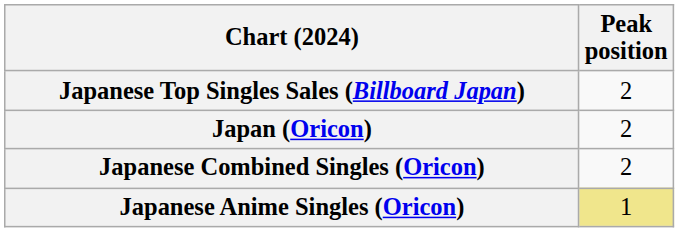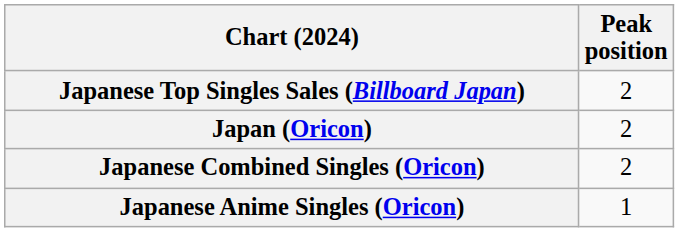 <table class="wikitable sortable plainrowheaders" style="text-align:center">
 <tr>
 <th scope="col" style="width:23em;">Chart (2024)</th>
 <th scope="col">Peak<br>position</th>
 </tr>
 <tr>
 <th scope="row">Japanese Top Singles Sales (<em><a href='#'>Billboard Japan</a></em>)</th>
 <td>2</td>
 </tr>
 <tr>
 <th scope="row">Japan (<a href='#'>Oricon</a>)</th>
 <td>2</td>
 </tr>
 <tr>
 <th scope="row">Japanese Combined Singles (<a href='#'>Oricon</a>)</th>
 <td>2</td>
 </tr>
 <tr>
 <th scope="row">Japanese Anime Singles (<a href='#'>Oricon</a>)</th>
-<td style="background: khaki;">1</td>
+<td>1</td>
 </tr>
 </table>
